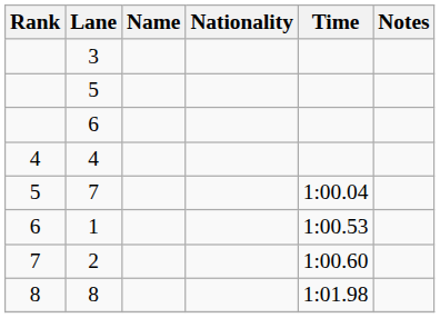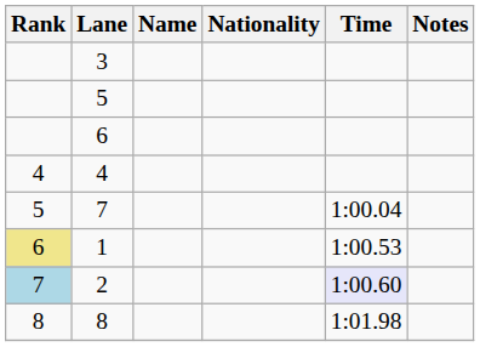 <table class="wikitable sortable" style="text-align:center">
 <tr>
 <th>Rank</th>
 <th>Lane</th>
 <th>Name</th>
 <th>Nationality</th>
 <th>Time</th>
 <th>Notes</th>
 </tr>
 <tr>
 <td></td>
 <td>3</td>
 <td align=left></td>
 <td align=left></td>
 <td></td>
 <td></td>
 </tr>
 <tr>
 <td></td>
 <td>5</td>
 <td align=left></td>
 <td align=left></td>
 <td></td>
 <td></td>
 </tr>
 <tr>
 <td></td>
 <td>6</td>
 <td align=left></td>
 <td align=left></td>
 <td></td>
 <td></td>
 </tr>
 <tr>
 <td>4</td>
 <td>4</td>
 <td align=left></td>
 <td align=left></td>
 <td></td>
 <td></td>
 </tr>
 <tr>
 <td>5</td>
 <td>7</td>
 <td align=left></td>
 <td align=left></td>
 <td>1:00.04</td>
 <td></td>
 </tr>
 <tr>
-<td>6</td>
+<td style="background: khaki;">6</td>
 <td>1</td>
 <td align=left></td>
 <td align=left></td>
 <td>1:00.53</td>
 <td></td>
 </tr>
 <tr>
-<td>7</td>
+<td style="background: lightblue;">7</td>
 <td>2</td>
 <td align=left></td>
 <td align=left></td>
-<td>1:00.60</td>
+<td style="background: lavender;">1:00.60</td>
 <td></td>
 </tr>
 <tr>
 <td>8</td>
 <td>8</td>
 <td align=left></td>
 <td align=left></td>
 <td>1:01.98</td>
 <td></td>
 </tr>
 <tr>
 </tr>
 </table>
